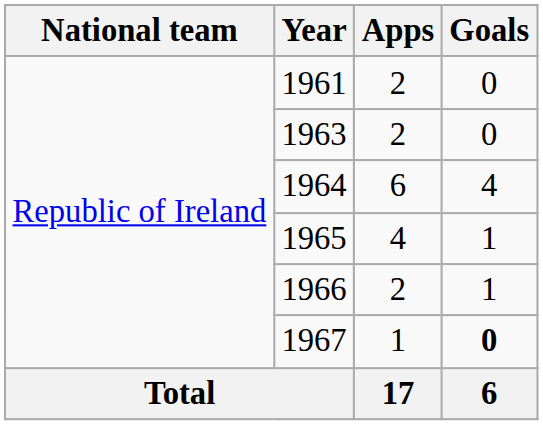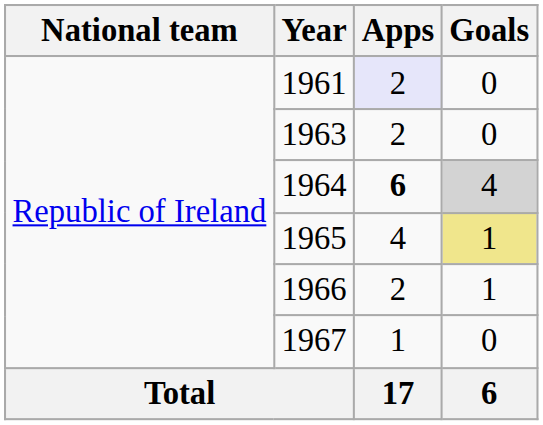 <table class="wikitable" style="text-align:center">
 <tr>
 <th>National team</th>
 <th>Year</th>
 <th>Apps</th>
 <th>Goals</th>
 </tr>
 <tr>
 <td rowspan="6"><a href='#'>Republic of Ireland</a></td>
 <td>1961</td>
-<td>2</td>
+<td style="background: lavender;">2</td>
 <td>0</td>
 </tr>
 <tr>
 <td>1963</td>
 <td>2</td>
 <td>0</td>
 </tr>
 <tr>
 <td>1964</td>
-<td>6</td>
-<td>4</td>
+<td><strong>6</strong></td>
+<td style="background: lightgrey;">4</td>
 </tr>
 <tr>
 <td>1965</td>
 <td>4</td>
-<td>1</td>
+<td style="background: khaki;">1</td>
 </tr>
 <tr>
 <td>1966</td>
 <td>2</td>
 <td>1</td>
 </tr>
 <tr>
 <td>1967</td>
 <td>1</td>
-<td><strong>0</strong></td>
+<td>0</td>
 </tr>
 <tr>
 <th colspan="2">Total</th>
 <th>17</th>
 <th>6</th>
 </tr>
 </table>
